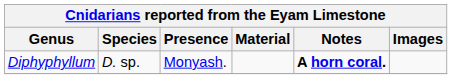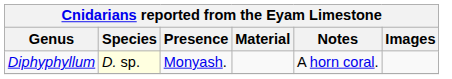 <table class="wikitable" align="center">
 <tr>
 <th colspan="6" align="center"><strong><a href='#'>Cnidarians</a> reported from the Eyam Limestone</strong></th>
 </tr>
 <tr>
 <th>Genus</th>
 <th>Species</th>
 <th>Presence</th>
 <th><strong>Material</strong></th>
 <th>Notes</th>
 <th>Images</th>
 </tr>
 <tr>
 <td><em><a href='#'>Diphyphyllum</a></em></td>
-<td><em>D.</em> sp.</td>
+<td style="background: lightyellow;"><em>D.</em> sp.</td>
 <td><a href='#'>Monyash</a>.</td>
 <td></td>
-<td><strong>A <a href='#'>horn coral</a>.</strong></td>
+<td>A <a href='#'>horn coral</a>.</td>
 <td></td>
 </tr>
 <tr>
 </tr>
 </table>
